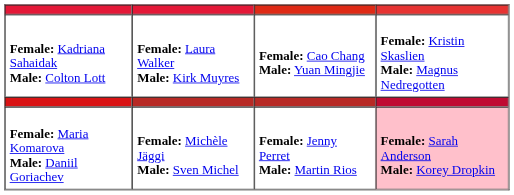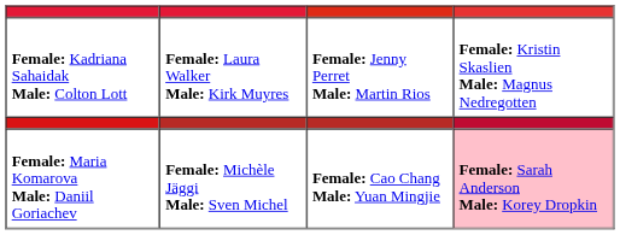 <table border=1 cellpadding=5 cellspacing=0>
 <tr>
 <th bgcolor="#e41837" width="250"></th>
 <th bgcolor="#e41837" width="250"></th>
 <th bgcolor="#df2a15" width="250"></th>
 <th bgcolor="#e73332" width="250"></th>
 </tr>
 <tr>
 <td><br><strong>Female:</strong> <a href='#'>Kadriana Sahaidak</a><br> <strong>Male:</strong> <a href='#'>Colton Lott</a></td>
 <td><br><strong>Female:</strong> <a href='#'>Laura Walker</a><br> <strong>Male:</strong> <a href='#'>Kirk Muyres</a></td>
-<td><br><strong>Female:</strong> <a href='#'>Cao Chang</a><br> <strong>Male:</strong> <a href='#'>Yuan Mingjie</a> </td>
+<td><br><strong>Female:</strong> <a href='#'>Jenny Perret</a><br> <strong>Male:</strong> <a href='#'>Martin Rios</a> </td>
 <td><br><strong>Female:</strong> <a href='#'>Kristin Skaslien</a><br> <strong>Male:</strong> <a href='#'>Magnus Nedregotten</a></td>
 </tr>
 <tr>
 <th bgcolor="#d91314" width="250"></th>
 <th bgcolor="#b72a25" width="250"></th>
 <th bgcolor="#b72a25" width="250"></th>
 <th bgcolor="#bf0b32" width="250"></th>
 </tr>
 <tr>
 <td><br><strong>Female:</strong> <a href='#'>Maria Komarova</a><br> <strong>Male:</strong> <a href='#'>Daniil Goriachev</a> </td>
 <td><br><strong>Female:</strong> <a href='#'>Michèle Jäggi</a><br> <strong>Male:</strong> <a href='#'>Sven Michel</a> </td>
-<td><br><strong>Female:</strong> <a href='#'>Jenny Perret</a><br> <strong>Male:</strong> <a href='#'>Martin Rios</a> </td>
+<td><br><strong>Female:</strong> <a href='#'>Cao Chang</a><br> <strong>Male:</strong> <a href='#'>Yuan Mingjie</a> </td>
 <td style="background: pink;"><br><strong>Female:</strong> <a href='#'>Sarah Anderson</a><br> <strong>Male:</strong> <a href='#'>Korey Dropkin</a></td>
 </tr>
 </table>
